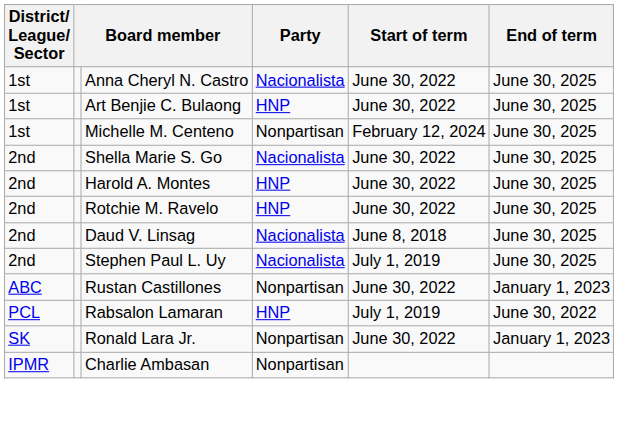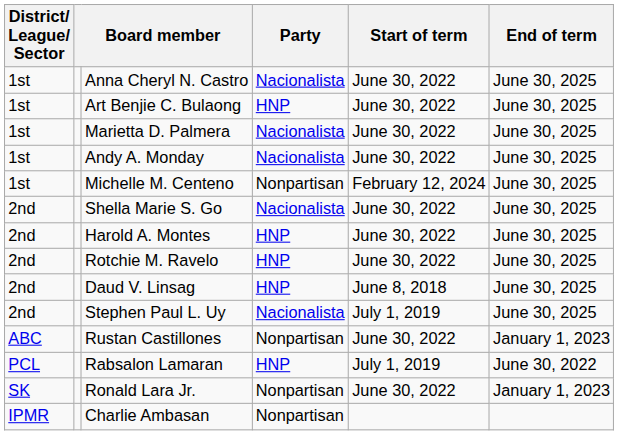 <table class="wikitable">
 <tr>
 <th>District/<br>League/<br>Sector</th>
 <th colspan="2">Board member</th>
 <th>Party</th>
 <th>Start of term</th>
 <th>End of term</th>
 </tr>
 <tr>
 <td>1st</td>
 <td></td>
 <td>Anna Cheryl N. Castro</td>
 <td><a href='#'>Nacionalista</a></td>
 <td>June 30, 2022</td>
 <td>June 30, 2025</td>
 </tr>
 <tr>
 <td>1st</td>
 <td></td>
 <td>Art Benjie C. Bulaong</td>
 <td><a href='#'>HNP</a></td>
+<td>June 30, 2022</td>
+<td>June 30, 2025</td>
+</tr>
+<tr>
+<td>1st</td>
+<td></td>
+<td>Marietta D. Palmera</td>
+<td><a href='#'>Nacionalista</a></td>
+<td>June 30, 2022</td>
+<td>June 30, 2025</td>
+</tr>
+<tr>
+<td>1st</td>
+<td></td>
+<td>Andy A. Monday</td>
+<td><a href='#'>Nacionalista</a></td>
 <td>June 30, 2022</td>
 <td>June 30, 2025</td>
 </tr>
 <tr>
 <td>1st</td>
 <td></td>
 <td>Michelle M. Centeno</td>
 <td>Nonpartisan</td>
 <td>February 12, 2024</td>
 <td>June 30, 2025</td>
 </tr>
 <tr>
 <td>2nd</td>
 <td></td>
 <td>Shella Marie S. Go</td>
 <td><a href='#'>Nacionalista</a></td>
 <td>June 30, 2022</td>
 <td>June 30, 2025</td>
 </tr>
 <tr>
 <td>2nd</td>
 <td></td>
 <td>Harold A. Montes</td>
 <td><a href='#'>HNP</a></td>
 <td>June 30, 2022</td>
 <td>June 30, 2025</td>
 </tr>
 <tr>
 <td>2nd</td>
 <td></td>
 <td>Rotchie M. Ravelo</td>
 <td><a href='#'>HNP</a></td>
 <td>June 30, 2022</td>
 <td>June 30, 2025</td>
 </tr>
 <tr>
 <td>2nd</td>
 <td></td>
 <td>Daud V. Linsag</td>
-<td><a href='#'>Nacionalista</a></td>
+<td><a href='#'>HNP</a></td>
 <td>June 8, 2018</td>
 <td>June 30, 2025</td>
 </tr>
 <tr>
 <td>2nd</td>
 <td></td>
 <td>Stephen Paul L. Uy</td>
 <td><a href='#'>Nacionalista</a></td>
 <td>July 1, 2019</td>
 <td>June 30, 2025</td>
 </tr>
 <tr>
 <td><a href='#'>ABC</a></td>
 <td></td>
 <td>Rustan Castillones</td>
 <td>Nonpartisan</td>
 <td>June 30, 2022</td>
 <td>January 1, 2023</td>
 </tr>
 <tr>
 <td><a href='#'>PCL</a></td>
 <td></td>
 <td>Rabsalon Lamaran</td>
 <td><a href='#'>HNP</a></td>
 <td>July 1, 2019</td>
 <td>June 30, 2022</td>
 </tr>
 <tr>
 <td><a href='#'>SK</a></td>
 <td></td>
 <td>Ronald Lara Jr.</td>
 <td>Nonpartisan</td>
 <td>June 30, 2022</td>
 <td>January 1, 2023</td>
 </tr>
 <tr>
 <td><a href='#'>IPMR</a></td>
 <td></td>
 <td>Charlie Ambasan</td>
 <td>Nonpartisan</td>
 <td></td>
 <td></td>
 </tr>
 </table>
